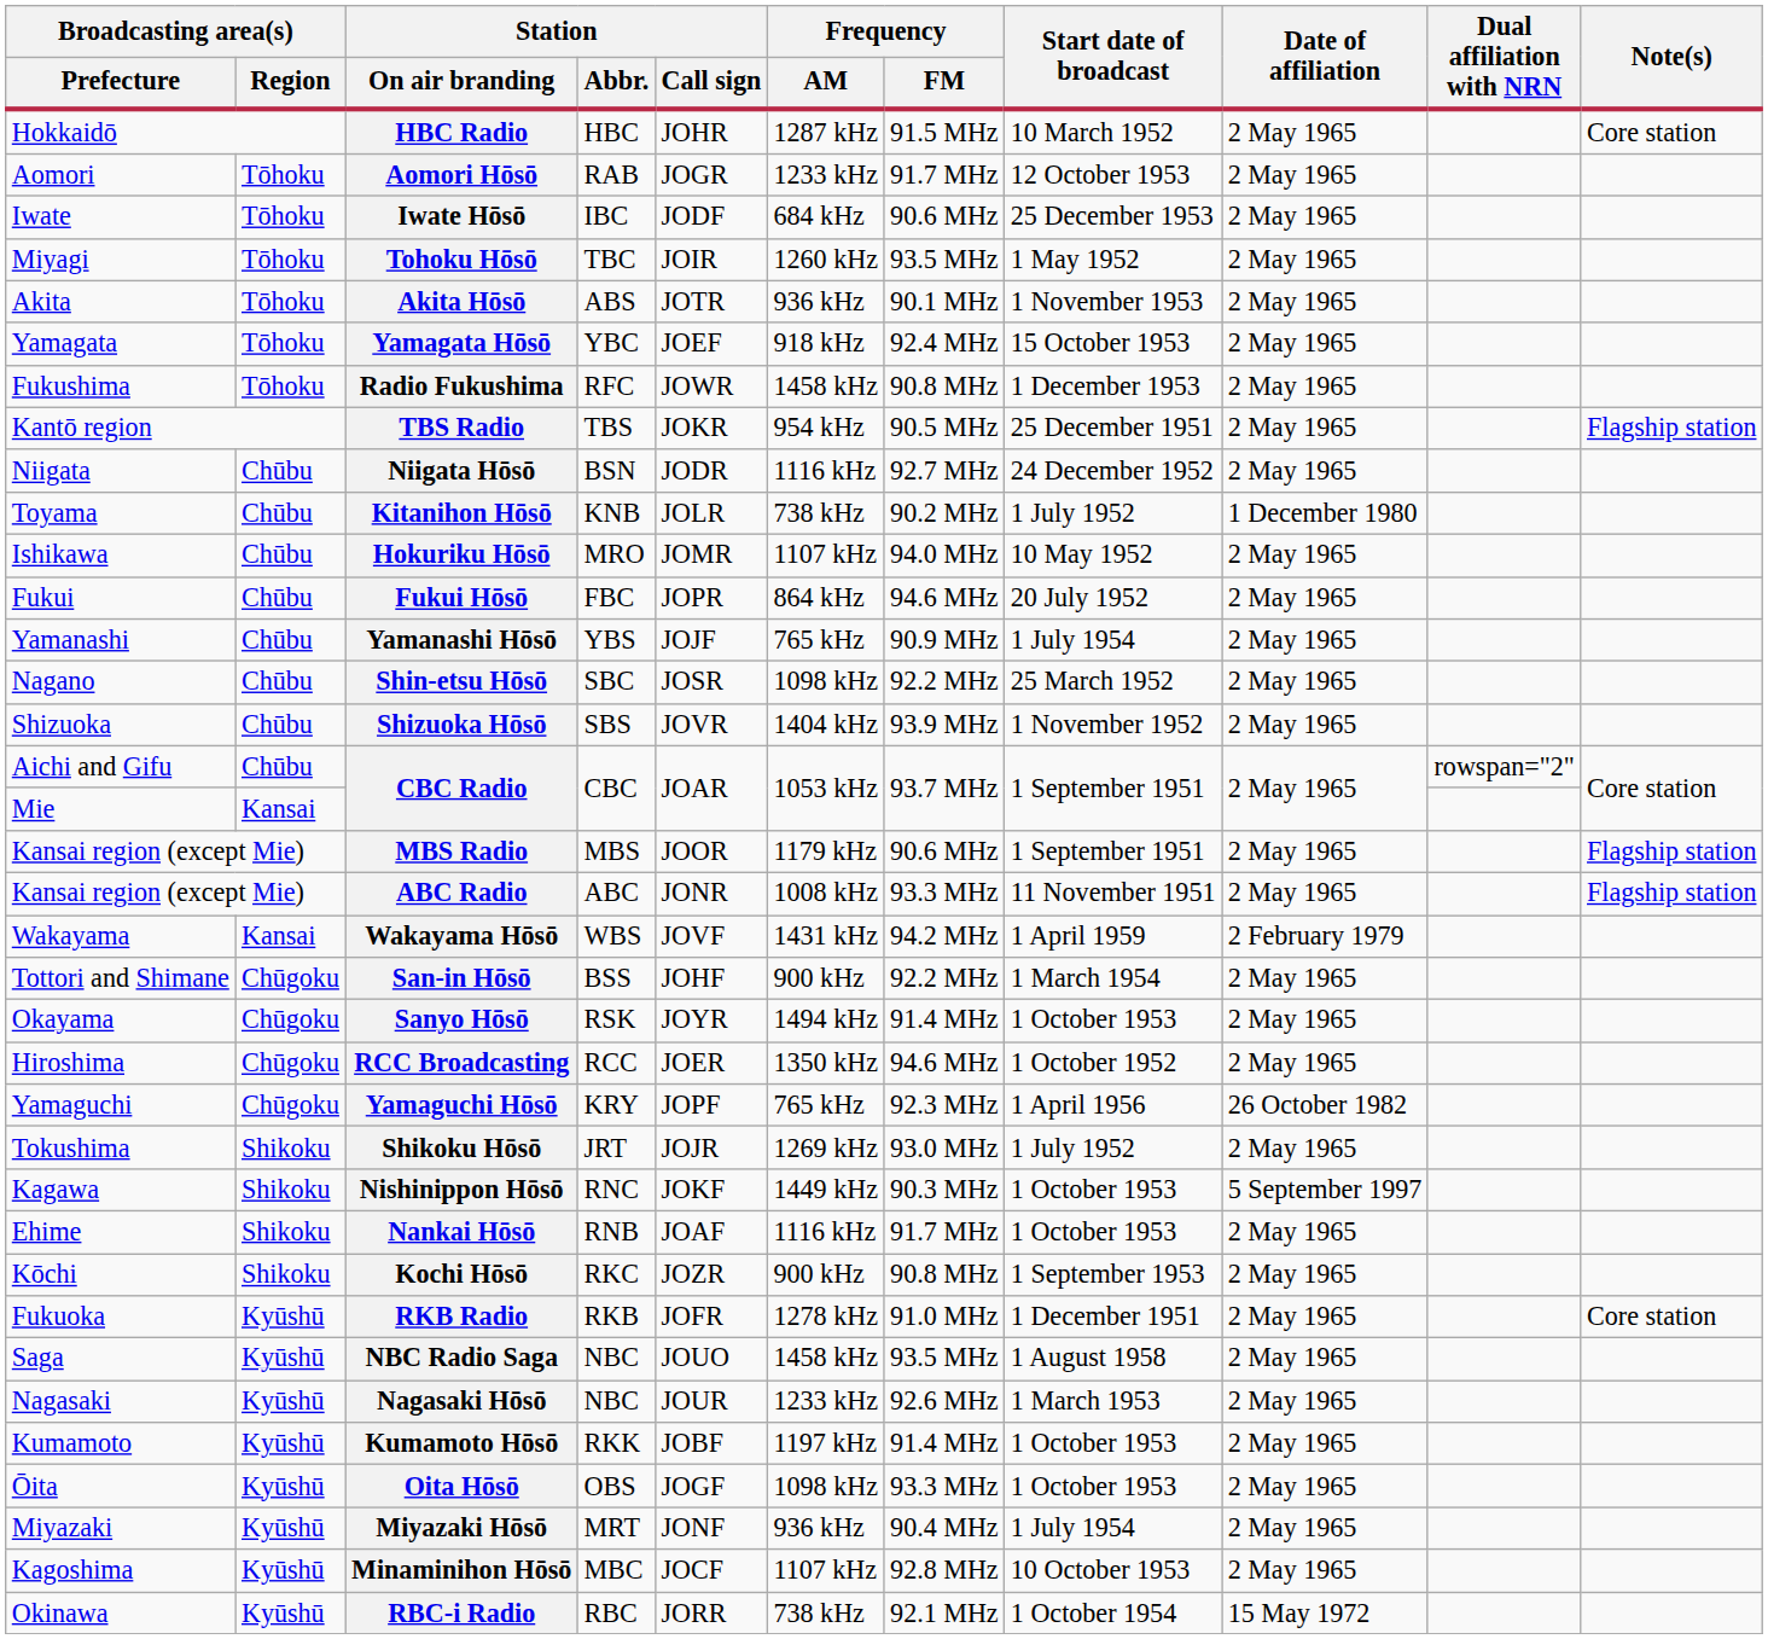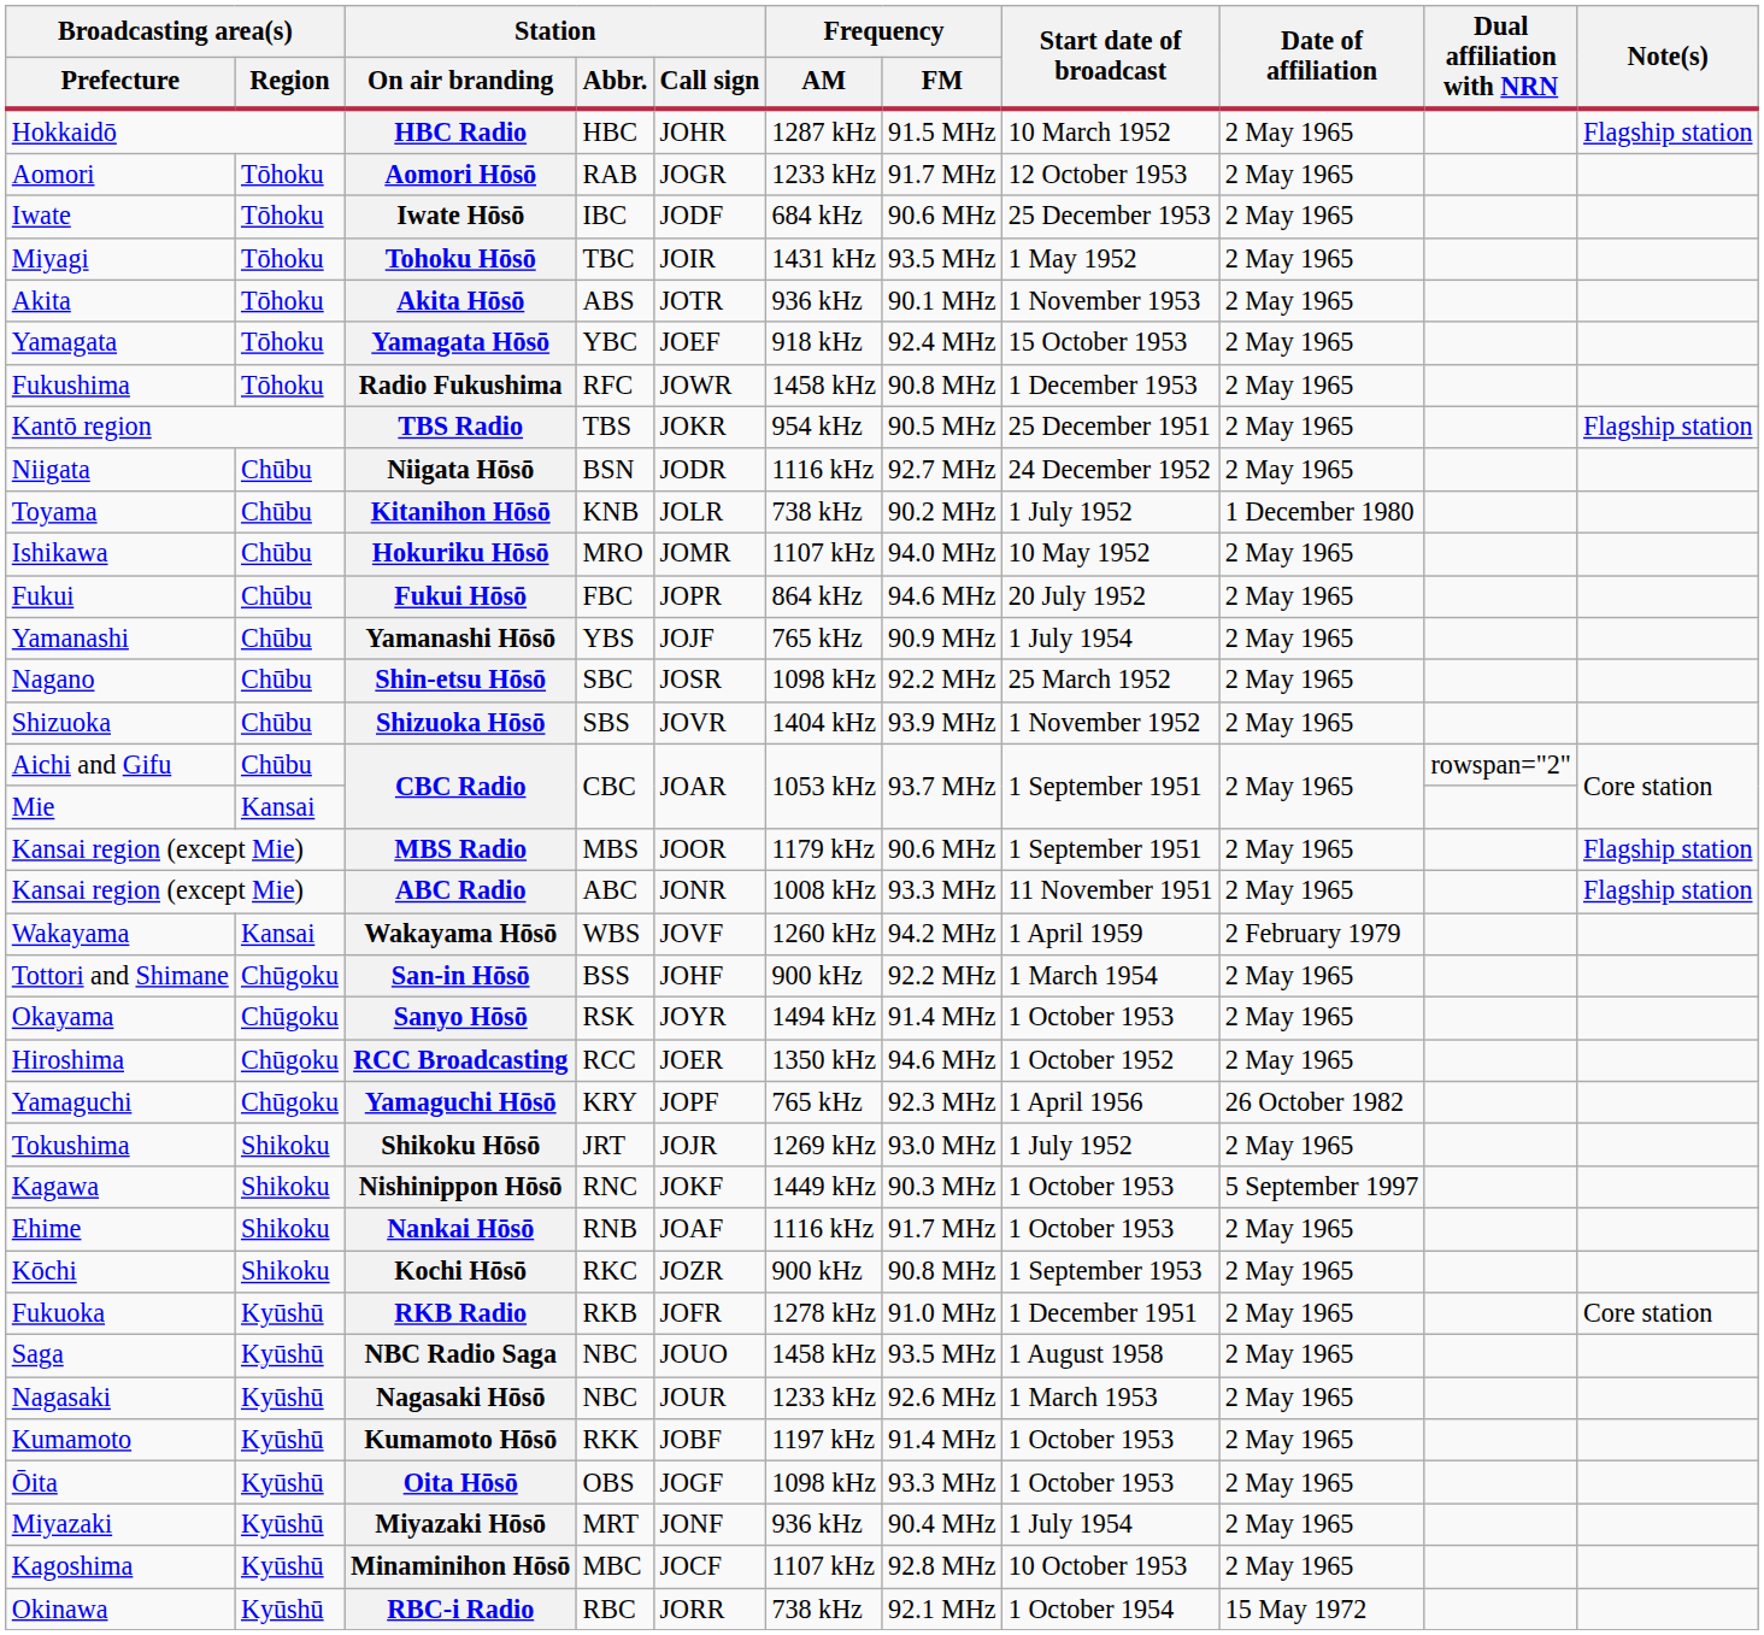 <table class="wikitable sortable">
 <tr>
 <th colspan="2">Broadcasting area(s)</th>
 <th colspan="3">Station</th>
 <th colspan="2">Frequency</th>
 <th rowspan="2" style="border-bottom:3px solid #B92946;">Start date of<br>broadcast</th>
 <th rowspan="2" style="border-bottom:3px solid #B92946;">Date of<br>affiliation</th>
 <th rowspan="2" style="border-bottom:3px solid #B92946;">Dual<br>affiliation<br>with <a href='#'>NRN</a></th>
 <th rowspan="2" style="border-bottom:3px solid #B92946;">Note(s)</th>
 </tr>
 <tr>
 <th style="border-bottom:3px solid #B92946;">Prefecture</th>
 <th style="border-bottom:3px solid #B92946;">Region</th>
 <th style="border-bottom:3px solid #B92946;">On air branding</th>
 <th style="border-bottom:3px solid #B92946;">Abbr.</th>
 <th style="border-bottom:3px solid #B92946;">Call sign</th>
 <th style="border-bottom:3px solid #B92946;">AM</th>
 <th style="border-bottom:3px solid #B92946;">FM</th>
 </tr>
 <tr>
 <td colspan="2"><a href='#'>Hokkaidō</a></td>
 <th><a href='#'>HBC Radio</a></th>
 <td>HBC</td>
 <td>JOHR</td>
 <td>1287 kHz</td>
 <td>91.5 MHz</td>
 <td>10 March 1952</td>
 <td>2 May 1965</td>
 <td></td>
-<td>Core station</td>
+<td><a href='#'>Flagship station</a></td>
 </tr>
 <tr>
 <td><a href='#'>Aomori</a></td>
 <td><a href='#'>Tōhoku</a></td>
 <th><a href='#'>Aomori Hōsō</a></th>
 <td>RAB</td>
 <td>JOGR</td>
 <td>1233 kHz</td>
 <td>91.7 MHz</td>
 <td>12 October 1953</td>
 <td>2 May 1965</td>
 <td></td>
 <td></td>
 </tr>
 <tr>
 <td><a href='#'>Iwate</a></td>
 <td><a href='#'>Tōhoku</a></td>
 <th>Iwate Hōsō</th>
 <td>IBC</td>
 <td>JODF</td>
 <td>684 kHz</td>
 <td>90.6 MHz</td>
 <td>25 December 1953</td>
 <td>2 May 1965</td>
 <td></td>
 <td></td>
 </tr>
 <tr>
 <td><a href='#'>Miyagi</a></td>
 <td><a href='#'>Tōhoku</a></td>
 <th><a href='#'>Tohoku Hōsō</a></th>
 <td>TBC</td>
 <td>JOIR</td>
-<td>1260 kHz</td>
+<td>1431 kHz</td>
 <td>93.5 MHz</td>
 <td>1 May 1952</td>
 <td>2 May 1965</td>
 <td></td>
 <td></td>
 </tr>
 <tr>
 <td><a href='#'>Akita</a></td>
 <td><a href='#'>Tōhoku</a></td>
 <th><a href='#'>Akita Hōsō</a></th>
 <td>ABS</td>
 <td>JOTR</td>
 <td>936 kHz</td>
 <td>90.1 MHz</td>
 <td>1 November 1953</td>
 <td>2 May 1965</td>
 <td></td>
 <td></td>
 </tr>
 <tr>
 <td><a href='#'>Yamagata</a></td>
 <td><a href='#'>Tōhoku</a></td>
 <th><a href='#'>Yamagata Hōsō</a></th>
 <td>YBC</td>
 <td>JOEF</td>
 <td>918 kHz</td>
 <td>92.4 MHz</td>
 <td>15 October 1953</td>
 <td>2 May 1965</td>
 <td></td>
 <td></td>
 </tr>
 <tr>
 <td><a href='#'>Fukushima</a></td>
 <td><a href='#'>Tōhoku</a></td>
 <th>Radio Fukushima</th>
 <td>RFC</td>
 <td>JOWR</td>
 <td>1458 kHz</td>
 <td>90.8 MHz</td>
 <td>1 December 1953</td>
 <td>2 May 1965</td>
 <td></td>
 <td></td>
 </tr>
 <tr>
 <td colspan="2"><a href='#'>Kantō region</a></td>
 <th><a href='#'>TBS Radio</a></th>
 <td>TBS</td>
 <td>JOKR</td>
 <td>954 kHz</td>
 <td>90.5 MHz</td>
 <td>25 December 1951</td>
 <td>2 May 1965</td>
 <td></td>
 <td><a href='#'>Flagship station</a></td>
 </tr>
 <tr>
 <td><a href='#'>Niigata</a></td>
 <td><a href='#'>Chūbu</a></td>
 <th>Niigata Hōsō</th>
 <td>BSN</td>
 <td>JODR</td>
 <td>1116 kHz</td>
 <td>92.7 MHz</td>
 <td>24 December 1952</td>
 <td>2 May 1965</td>
 <td></td>
 <td></td>
 </tr>
 <tr>
 <td><a href='#'>Toyama</a></td>
 <td><a href='#'>Chūbu</a></td>
 <th><a href='#'>Kitanihon Hōsō</a></th>
 <td>KNB</td>
 <td>JOLR</td>
 <td>738 kHz</td>
 <td>90.2 MHz</td>
 <td>1 July 1952</td>
 <td>1 December 1980</td>
 <td></td>
 <td></td>
 </tr>
 <tr>
 <td><a href='#'>Ishikawa</a></td>
 <td><a href='#'>Chūbu</a></td>
 <th><a href='#'>Hokuriku Hōsō</a></th>
 <td>MRO</td>
 <td>JOMR</td>
 <td>1107 kHz</td>
 <td>94.0 MHz</td>
 <td>10 May 1952</td>
 <td>2 May 1965</td>
 <td></td>
 <td></td>
 </tr>
 <tr>
 <td><a href='#'>Fukui</a></td>
 <td><a href='#'>Chūbu</a></td>
 <th><a href='#'>Fukui Hōsō</a></th>
 <td>FBC</td>
 <td>JOPR</td>
 <td>864 kHz</td>
 <td>94.6 MHz</td>
 <td>20 July 1952</td>
 <td>2 May 1965</td>
 <td></td>
 <td></td>
 </tr>
 <tr>
 <td><a href='#'>Yamanashi</a></td>
 <td><a href='#'>Chūbu</a></td>
 <th>Yamanashi Hōsō</th>
 <td>YBS</td>
 <td>JOJF</td>
 <td>765 kHz</td>
 <td>90.9 MHz</td>
 <td>1 July 1954</td>
 <td>2 May 1965</td>
 <td></td>
 <td></td>
 </tr>
 <tr>
 <td><a href='#'>Nagano</a></td>
 <td><a href='#'>Chūbu</a></td>
 <th><a href='#'>Shin-etsu Hōsō</a></th>
 <td>SBC</td>
 <td>JOSR</td>
 <td>1098 kHz</td>
 <td>92.2 MHz</td>
 <td>25 March 1952</td>
 <td>2 May 1965</td>
 <td></td>
 <td></td>
 </tr>
 <tr>
 <td><a href='#'>Shizuoka</a></td>
 <td><a href='#'>Chūbu</a></td>
 <th><a href='#'>Shizuoka Hōsō</a></th>
 <td>SBS</td>
 <td>JOVR</td>
 <td>1404 kHz</td>
 <td>93.9 MHz</td>
 <td>1 November 1952</td>
 <td>2 May 1965</td>
 <td></td>
 <td></td>
 </tr>
 <tr>
 <td><a href='#'>Aichi</a> and <a href='#'>Gifu</a></td>
 <td><a href='#'>Chūbu</a></td>
 <th rowspan="2"><a href='#'>CBC Radio</a></th>
 <td rowspan="2">CBC</td>
 <td rowspan="2">JOAR</td>
 <td rowspan="2">1053 kHz</td>
 <td rowspan="2">93.7 MHz</td>
 <td rowspan="2">1 September 1951</td>
 <td rowspan="2">2 May 1965</td>
 <td>rowspan="2" </td>
 <td rowspan="2">Core station</td>
 </tr>
 <tr>
 <td><a href='#'>Mie</a></td>
 <td><a href='#'>Kansai</a></td>
 </tr>
 <tr>
 <td colspan="2"><a href='#'>Kansai region</a> (except <a href='#'>Mie</a>)</td>
 <th><a href='#'>MBS Radio</a></th>
 <td>MBS</td>
 <td>JOOR</td>
 <td>1179 kHz</td>
 <td>90.6 MHz</td>
 <td>1 September 1951</td>
 <td>2 May 1965</td>
 <td></td>
 <td><a href='#'>Flagship station</a></td>
 </tr>
 <tr>
 <td colspan="2"><a href='#'>Kansai region</a> (except <a href='#'>Mie</a>)</td>
 <th><a href='#'>ABC Radio</a></th>
 <td>ABC</td>
 <td>JONR</td>
 <td>1008 kHz</td>
 <td>93.3 MHz</td>
 <td>11 November 1951</td>
 <td>2 May 1965</td>
 <td></td>
 <td><a href='#'>Flagship station</a></td>
 </tr>
 <tr>
 <td><a href='#'>Wakayama</a></td>
 <td><a href='#'>Kansai</a></td>
 <th>Wakayama Hōsō</th>
 <td>WBS</td>
 <td>JOVF</td>
-<td>1431 kHz</td>
+<td>1260 kHz</td>
 <td>94.2 MHz</td>
 <td>1 April 1959</td>
 <td>2 February 1979</td>
 <td></td>
 <td></td>
 </tr>
 <tr>
 <td><a href='#'>Tottori</a> and <a href='#'>Shimane</a></td>
 <td><a href='#'>Chūgoku</a></td>
 <th><a href='#'>San-in Hōsō</a></th>
 <td>BSS</td>
 <td>JOHF</td>
 <td>900 kHz</td>
 <td>92.2 MHz</td>
 <td>1 March 1954</td>
 <td>2 May 1965</td>
 <td></td>
 <td></td>
 </tr>
 <tr>
 <td><a href='#'>Okayama</a></td>
 <td><a href='#'>Chūgoku</a></td>
 <th><a href='#'>Sanyo Hōsō</a></th>
 <td>RSK</td>
 <td>JOYR</td>
 <td>1494 kHz</td>
 <td>91.4 MHz</td>
 <td>1 October 1953</td>
 <td>2 May 1965</td>
 <td></td>
 <td></td>
 </tr>
 <tr>
 <td><a href='#'>Hiroshima</a></td>
 <td><a href='#'>Chūgoku</a></td>
 <th><a href='#'>RCC Broadcasting</a></th>
 <td>RCC</td>
 <td>JOER</td>
 <td>1350 kHz</td>
 <td>94.6 MHz</td>
 <td>1 October 1952</td>
 <td>2 May 1965</td>
 <td></td>
 <td></td>
 </tr>
 <tr>
 <td><a href='#'>Yamaguchi</a></td>
 <td><a href='#'>Chūgoku</a></td>
 <th><a href='#'>Yamaguchi Hōsō</a></th>
 <td>KRY</td>
 <td>JOPF</td>
 <td>765 kHz</td>
 <td>92.3 MHz</td>
 <td>1 April 1956</td>
 <td>26 October 1982</td>
 <td></td>
 <td></td>
 </tr>
 <tr>
 <td><a href='#'>Tokushima</a></td>
 <td><a href='#'>Shikoku</a></td>
 <th>Shikoku Hōsō</th>
 <td>JRT</td>
 <td>JOJR</td>
 <td>1269 kHz</td>
 <td>93.0 MHz</td>
 <td>1 July 1952</td>
 <td>2 May 1965</td>
 <td></td>
 <td></td>
 </tr>
 <tr>
 <td><a href='#'>Kagawa</a></td>
 <td><a href='#'>Shikoku</a></td>
 <th>Nishinippon Hōsō</th>
 <td>RNC</td>
 <td>JOKF</td>
 <td>1449 kHz</td>
 <td>90.3 MHz</td>
 <td>1 October 1953</td>
 <td>5 September 1997</td>
 <td></td>
 <td></td>
 </tr>
 <tr>
 <td><a href='#'>Ehime</a></td>
 <td><a href='#'>Shikoku</a></td>
 <th><a href='#'>Nankai Hōsō</a></th>
 <td>RNB</td>
 <td>JOAF</td>
 <td>1116 kHz</td>
 <td>91.7 MHz</td>
 <td>1 October 1953</td>
 <td>2 May 1965</td>
 <td></td>
 <td></td>
 </tr>
 <tr>
 <td><a href='#'>Kōchi</a></td>
 <td><a href='#'>Shikoku</a></td>
 <th>Kochi Hōsō</th>
 <td>RKC</td>
 <td>JOZR</td>
 <td>900 kHz</td>
 <td>90.8 MHz</td>
 <td>1 September 1953</td>
 <td>2 May 1965</td>
 <td></td>
 <td></td>
 </tr>
 <tr>
 <td><a href='#'>Fukuoka</a></td>
 <td><a href='#'>Kyūshū</a></td>
 <th><a href='#'>RKB Radio</a></th>
 <td>RKB</td>
 <td>JOFR</td>
 <td>1278 kHz</td>
 <td>91.0 MHz</td>
 <td>1 December 1951</td>
 <td>2 May 1965</td>
 <td></td>
 <td>Core station</td>
 </tr>
 <tr>
 <td><a href='#'>Saga</a></td>
 <td><a href='#'>Kyūshū</a></td>
 <th>NBC Radio Saga</th>
 <td>NBC</td>
 <td>JOUO</td>
 <td>1458 kHz</td>
 <td>93.5 MHz</td>
 <td>1 August 1958</td>
 <td>2 May 1965</td>
 <td></td>
 <td></td>
 </tr>
 <tr>
 <td><a href='#'>Nagasaki</a></td>
 <td><a href='#'>Kyūshū</a></td>
 <th>Nagasaki Hōsō</th>
 <td>NBC</td>
 <td>JOUR</td>
 <td>1233 kHz</td>
 <td>92.6 MHz</td>
 <td>1 March 1953</td>
 <td>2 May 1965</td>
 <td></td>
 <td></td>
 </tr>
 <tr>
 <td><a href='#'>Kumamoto</a></td>
 <td><a href='#'>Kyūshū</a></td>
 <th>Kumamoto Hōsō</th>
 <td>RKK</td>
 <td>JOBF</td>
 <td>1197 kHz</td>
 <td>91.4 MHz</td>
 <td>1 October 1953</td>
 <td>2 May 1965</td>
 <td></td>
 <td></td>
 </tr>
 <tr>
 <td><a href='#'>Ōita</a></td>
 <td><a href='#'>Kyūshū</a></td>
 <th><a href='#'>Oita Hōsō</a></th>
 <td>OBS</td>
 <td>JOGF</td>
 <td>1098 kHz</td>
 <td>93.3 MHz</td>
 <td>1 October 1953</td>
 <td>2 May 1965</td>
 <td></td>
 <td></td>
 </tr>
 <tr>
 <td><a href='#'>Miyazaki</a></td>
 <td><a href='#'>Kyūshū</a></td>
 <th>Miyazaki Hōsō</th>
 <td>MRT</td>
 <td>JONF</td>
 <td>936 kHz</td>
 <td>90.4 MHz</td>
 <td>1 July 1954</td>
 <td>2 May 1965</td>
 <td></td>
 <td></td>
 </tr>
 <tr>
 <td><a href='#'>Kagoshima</a></td>
 <td><a href='#'>Kyūshū</a></td>
 <th>Minaminihon Hōsō</th>
 <td>MBC</td>
 <td>JOCF</td>
 <td>1107 kHz</td>
 <td>92.8 MHz</td>
 <td>10 October 1953</td>
 <td>2 May 1965</td>
 <td></td>
 <td></td>
 </tr>
 <tr>
 <td><a href='#'>Okinawa</a></td>
 <td><a href='#'>Kyūshū</a></td>
 <th><a href='#'>RBC-i Radio</a></th>
 <td>RBC</td>
 <td>JORR</td>
 <td>738 kHz</td>
 <td>92.1 MHz</td>
 <td>1 October 1954</td>
 <td>15 May 1972</td>
 <td></td>
 <td></td>
 </tr>
 <tr>
 </tr>
 </table>
